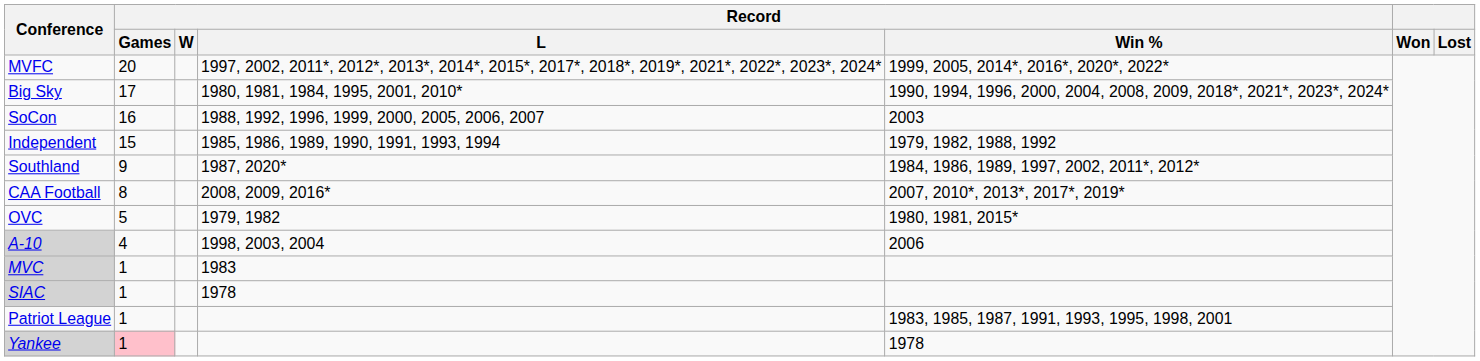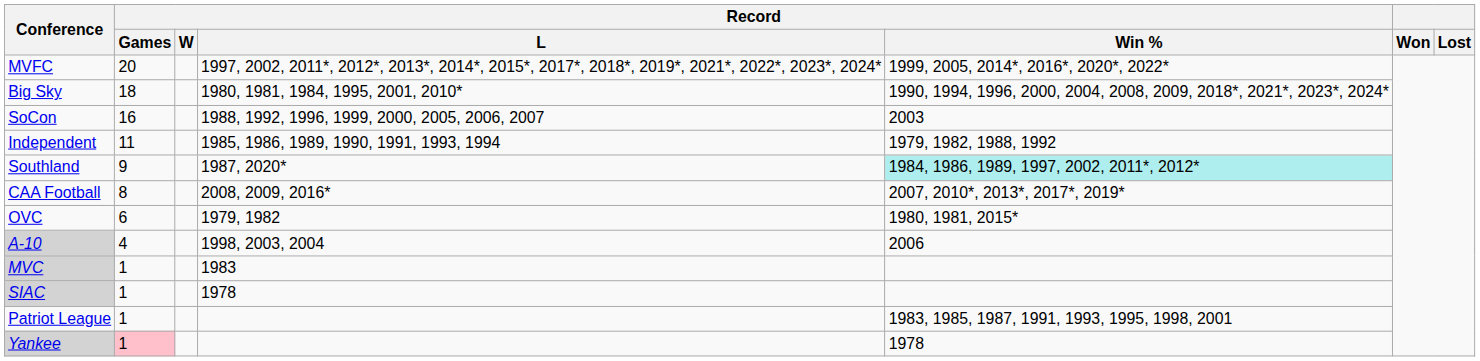 <table class="wikitable sortable">
 <tr>
 <th rowspan=2>Conference</th>
 <th colspan=4>Record</th>
 <th colspan=2></th>
 </tr>
 <tr>
 <th>Games</th>
 <th>W</th>
 <th>L</th>
 <th>Win %</th>
 <th>Won</th>
 <th>Lost</th>
 </tr>
 <tr>
 <td><a href='#'>MVFC</a></td>
 <td>20</td>
 <td></td>
 <td>1997, 2002, 2011*, 2012*, 2013*, 2014*, 2015*, 2017*, 2018*, 2019*, 2021*, 2022*, 2023*, 2024*</td>
 <td>1999, 2005, 2014*, 2016*, 2020*, 2022*</td>
 </tr>
 <tr>
 <td><a href='#'>Big Sky</a></td>
-<td>17</td>
+<td>18</td>
 <td></td>
 <td>1980, 1981, 1984, 1995, 2001, 2010*</td>
 <td>1990, 1994, 1996, 2000, 2004, 2008, 2009, 2018*, 2021*, 2023*, 2024*</td>
 </tr>
 <tr>
 <td><a href='#'>SoCon</a></td>
 <td>16</td>
 <td></td>
 <td>1988, 1992, 1996, 1999, 2000, 2005, 2006, 2007</td>
 <td>2003</td>
 </tr>
 <tr>
 <td><a href='#'>Independent</a></td>
-<td>15</td>
+<td>11</td>
 <td></td>
 <td>1985, 1986, 1989, 1990, 1991, 1993, 1994</td>
 <td>1979, 1982, 1988, 1992</td>
 </tr>
 <tr>
 <td><a href='#'>Southland</a></td>
 <td>9</td>
 <td></td>
 <td>1987, 2020*</td>
-<td>1984, 1986, 1989, 1997, 2002, 2011*, 2012*</td>
+<td style="background: paleturquoise;">1984, 1986, 1989, 1997, 2002, 2011*, 2012*</td>
 </tr>
 <tr>
 <td><a href='#'>CAA Football</a></td>
 <td>8</td>
 <td></td>
 <td>2008, 2009, 2016*</td>
 <td>2007, 2010*, 2013*, 2017*, 2019*</td>
 </tr>
 <tr>
 <td><a href='#'>OVC</a></td>
-<td>5</td>
+<td>6</td>
 <td></td>
 <td>1979, 1982</td>
 <td>1980, 1981, 2015*</td>
 </tr>
 <tr>
 <td bgcolor=lightgrey><em><a href='#'>A-10</a></em></td>
 <td>4</td>
 <td></td>
 <td>1998, 2003, 2004</td>
 <td>2006</td>
 </tr>
 <tr>
 <td bgcolor=lightgrey><em><a href='#'>MVC</a></em></td>
 <td>1</td>
 <td></td>
 <td>1983</td>
 <td> </td>
 </tr>
 <tr>
 <td bgcolor=lightgrey><em><a href='#'>SIAC</a></em></td>
 <td>1</td>
 <td></td>
 <td>1978</td>
 <td> </td>
 </tr>
 <tr>
 <td><a href='#'>Patriot League</a></td>
 <td>1</td>
 <td></td>
 <td></td>
 <td>1983, 1985, 1987, 1991, 1993, 1995, 1998, 2001</td>
 </tr>
 <tr>
 <td bgcolor=lightgrey><em><a href='#'>Yankee</a></em></td>
 <td style="background: pink;">1</td>
 <td></td>
 <td> </td>
 <td>1978</td>
 </tr>
 </table>
